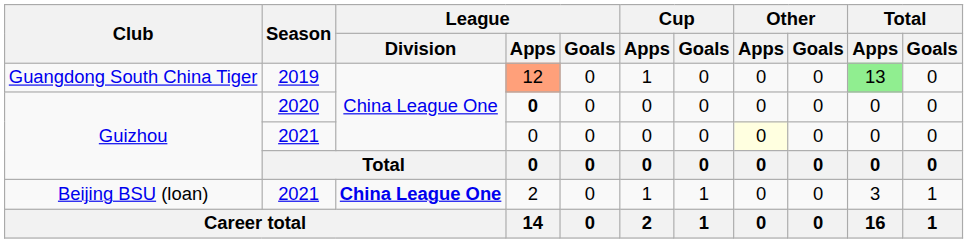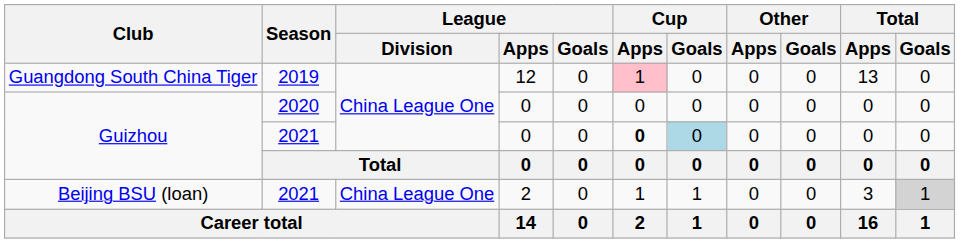 <table class="wikitable" style="text-align: center">
 <tr>
 <th rowspan="2">Club</th>
 <th rowspan="2">Season</th>
 <th colspan="3">League</th>
 <th colspan="2">Cup</th>
 <th colspan="2">Other</th>
 <th colspan="2">Total</th>
 </tr>
 <tr>
 <th>Division</th>
 <th>Apps</th>
 <th>Goals</th>
 <th>Apps</th>
 <th>Goals</th>
 <th>Apps</th>
 <th>Goals</th>
 <th>Apps</th>
 <th>Goals</th>
 </tr>
 <tr>
 <td><a href='#'>Guangdong South China Tiger</a></td>
 <td><a href='#'>2019</a></td>
 <td rowspan="3"><a href='#'>China League One</a></td>
-<td style="background: lightsalmon;">12</td>
+<td>12</td>
 <td>0</td>
-<td>1</td>
+<td style="background: pink;">1</td>
 <td>0</td>
 <td>0</td>
 <td>0</td>
-<td style="background: lightgreen;">13</td>
+<td>13</td>
 <td>0</td>
 </tr>
 <tr>
 <td rowspan="3"><a href='#'>Guizhou</a></td>
 <td><a href='#'>2020</a></td>
-<td><strong>0</strong></td>
+<td>0</td>
 <td>0</td>
 <td>0</td>
 <td>0</td>
 <td>0</td>
 <td>0</td>
 <td>0</td>
 <td>0</td>
 </tr>
 <tr>
 <td><a href='#'>2021</a></td>
 <td>0</td>
 <td>0</td>
+<td><strong>0</strong></td>
+<td style="background: lightblue;">0</td>
 <td>0</td>
-<td>0</td>
-<td style="background: lightyellow;">0</td>
 <td>0</td>
 <td>0</td>
 <td>0</td>
 </tr>
 <tr>
 <th colspan=2>Total</th>
 <th>0</th>
 <th>0</th>
 <th>0</th>
 <th>0</th>
 <th>0</th>
 <th>0</th>
 <th>0</th>
 <th>0</th>
 </tr>
 <tr>
 <td><a href='#'>Beijing BSU</a> (loan)</td>
 <td><a href='#'>2021</a></td>
-<td><strong><a href='#'>China League One</a></strong></td>
+<td><a href='#'>China League One</a></td>
 <td>2</td>
 <td>0</td>
 <td>1</td>
 <td>1</td>
 <td>0</td>
 <td>0</td>
 <td>3</td>
-<td>1</td>
+<td style="background: lightgrey;">1</td>
 </tr>
 <tr>
 <th colspan=3>Career total</th>
 <th>14</th>
 <th>0</th>
 <th>2</th>
 <th>1</th>
 <th>0</th>
 <th>0</th>
 <th>16</th>
 <th>1</th>
 </tr>
 </table>
